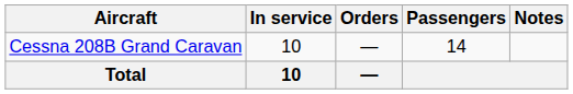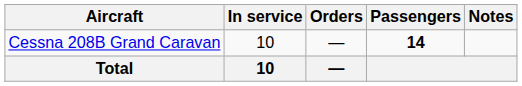 <table class="wikitable" style="margin:0.5em auto; text-align:center">
 <tr>
 <th>Aircraft</th>
 <th>In  service</th>
 <th>Orders</th>
 <th>Passengers</th>
 <th>Notes</th>
 </tr>
 <tr>
 <td><a href='#'>Cessna 208B Grand Caravan</a></td>
 <td>10</td>
 <td>—</td>
-<td>14</td>
+<td><strong>14</strong></td>
 <td></td>
 </tr>
 <tr>
 <th>Total</th>
 <th>10</th>
 <th>—</th>
 <th colspan=2></th>
 </tr>
 </table>
